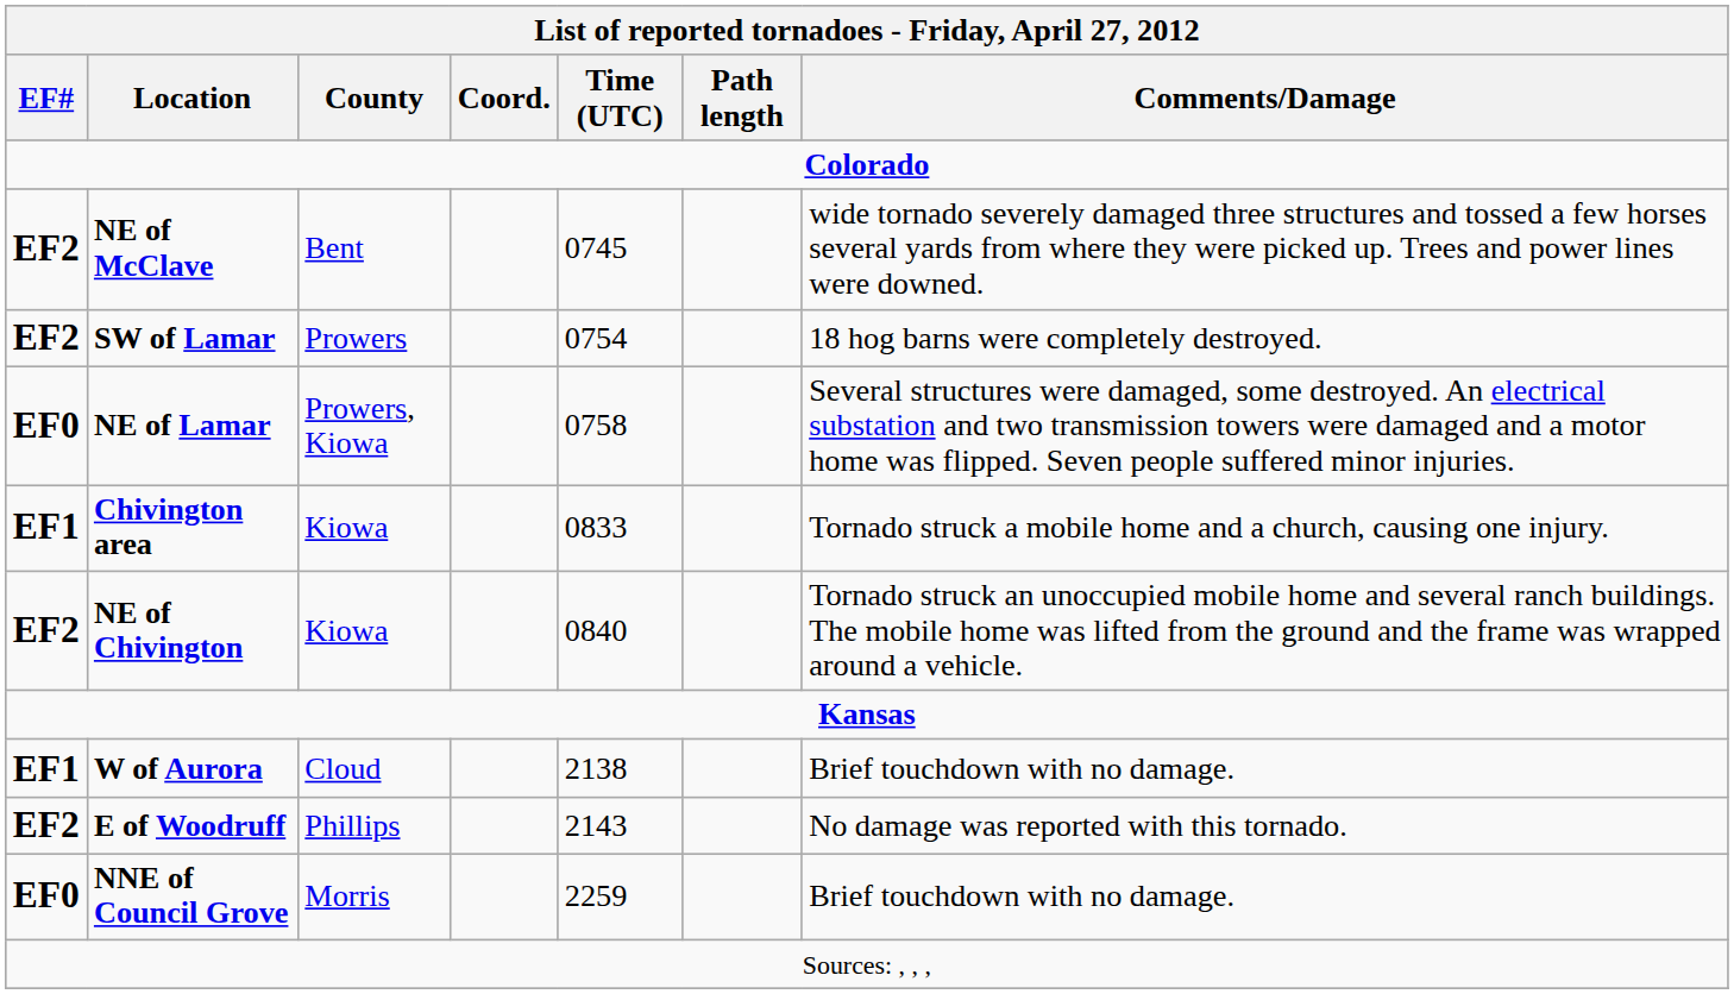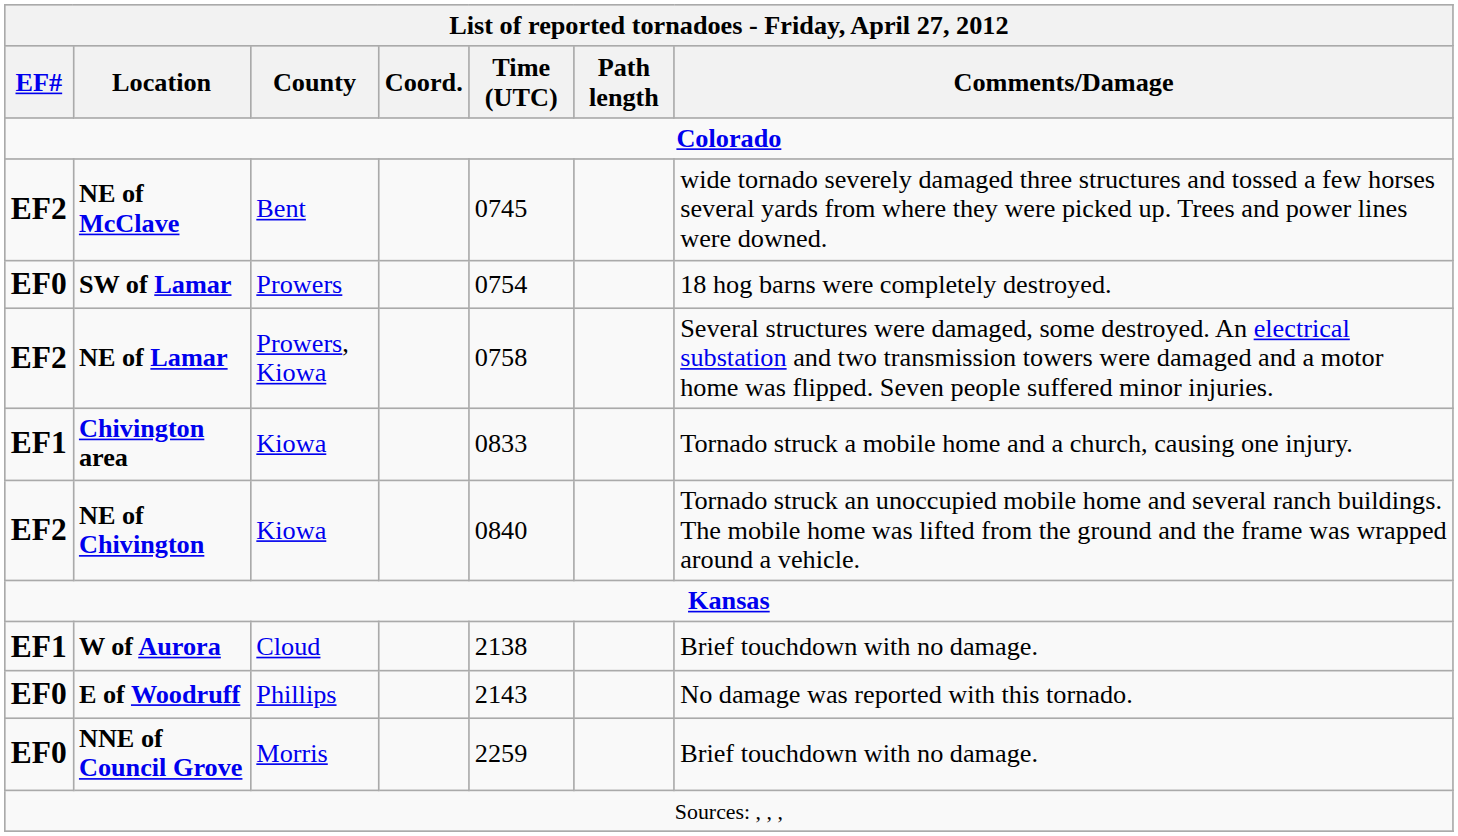 <table class="wikitable collapsible" width="100%">
 <tr>
 <th colspan="7">List of reported tornadoes - Friday, April 27, 2012</th>
 </tr>
 <tr>
 <th><a href='#'>EF#</a></th>
 <th>Location</th>
 <th>County</th>
 <th>Coord.</th>
 <th>Time (UTC)</th>
 <th>Path length</th>
 <th>Comments/Damage</th>
 </tr>
 <tr>
 <td colspan="7" align=center><strong><a href='#'>Colorado</a></strong></td>
 </tr>
 <tr>
 <td><big><strong>EF2</strong></big></td>
 <td><strong>NE of <a href='#'>McClave</a></strong></td>
 <td><a href='#'>Bent</a></td>
 <td></td>
 <td>0745</td>
 <td></td>
 <td> wide tornado severely damaged three structures and tossed a few horses several yards from where they were picked up. Trees and power lines were downed.</td>
 </tr>
 <tr>
-<td><big><strong>EF2</strong></big></td>
+<td><big><strong>EF0</strong></big></td>
 <td><strong>SW of <a href='#'>Lamar</a></strong></td>
 <td><a href='#'>Prowers</a></td>
 <td></td>
 <td>0754</td>
 <td></td>
 <td>18 hog barns were completely destroyed.</td>
 </tr>
 <tr>
-<td><big><strong>EF0</strong></big></td>
+<td><big><strong>EF2</strong></big></td>
 <td><strong>NE of <a href='#'>Lamar</a></strong></td>
 <td><a href='#'>Prowers</a>, <a href='#'>Kiowa</a></td>
 <td></td>
 <td>0758</td>
 <td></td>
 <td>Several structures were damaged, some destroyed. An <a href='#'>electrical substation</a> and two transmission towers were damaged and a motor home was flipped. Seven people suffered minor injuries.</td>
 </tr>
 <tr>
 <td><big><strong>EF1</strong></big></td>
 <td><strong><a href='#'>Chivington</a> area</strong></td>
 <td><a href='#'>Kiowa</a></td>
 <td></td>
 <td>0833</td>
 <td></td>
 <td>Tornado struck a mobile home and a church, causing one injury.</td>
 </tr>
 <tr>
 <td><big><strong>EF2</strong></big></td>
 <td><strong>NE of <a href='#'>Chivington</a></strong></td>
 <td><a href='#'>Kiowa</a></td>
 <td></td>
 <td>0840</td>
 <td></td>
 <td>Tornado struck an unoccupied mobile home and several ranch buildings. The mobile home was lifted from the ground and the frame was wrapped around a vehicle.</td>
 </tr>
 <tr>
 <td colspan="7" align=center><strong><a href='#'>Kansas</a></strong></td>
 </tr>
 <tr>
 <td><big><strong>EF1</strong></big></td>
 <td><strong>W of <a href='#'>Aurora</a></strong></td>
 <td><a href='#'>Cloud</a></td>
 <td></td>
 <td>2138</td>
 <td></td>
 <td>Brief touchdown with no damage.</td>
 </tr>
 <tr>
-<td><big><strong>EF2</strong></big></td>
+<td><big><strong>EF0</strong></big></td>
 <td><strong>E of <a href='#'>Woodruff</a></strong></td>
 <td><a href='#'>Phillips</a></td>
 <td></td>
 <td>2143</td>
 <td></td>
 <td>No damage was reported with this tornado.</td>
 </tr>
 <tr>
 <td><big><strong>EF0</strong></big></td>
 <td><strong>NNE of <a href='#'>Council Grove</a></strong></td>
 <td><a href='#'>Morris</a></td>
 <td></td>
 <td>2259</td>
 <td></td>
 <td>Brief touchdown with no damage.</td>
 </tr>
 <tr>
 <td colspan="7" align=center><small>Sources: , , , </small></td>
 </tr>
 <tr>
 </tr>
 </table>
